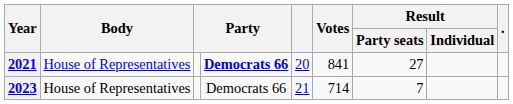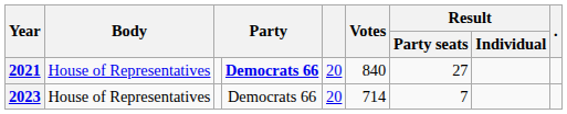 <table class="wikitable plainrowheaders sortable" border=2 cellpadding=4 cellspacing=0 style="border: 1px #aaa solid; font-size: 90%; text-align:center;">
 <tr>
 <th scope="col" rowspan=2>Year</th>
 <th scope="col" rowspan=2>Body</th>
 <th scope="col" colspan=2 rowspan=2>Party</th>
 <th scope="col" rowspan=2></th>
 <th scope="col" rowspan=2>Votes</th>
 <th scope="colgroup" colspan=2>Result</th>
 <th scope="col" rowspan=2 class="unsortable">.</th>
 </tr>
 <tr>
 <th scope="col">Party seats</th>
 <th scope="col">Individual</th>
 </tr>
 <tr>
 <th scope="row"><a href='#'>2021</a></th>
 <td><a href='#'>House of Representatives</a></td>
 <td style="background-color:"></td>
 <td><strong><a href='#'>Democrats 66</a></strong></td>
 <td style=text-align:right><a href='#'>20</a></td>
-<td style=text-align:right>841</td>
+<td style=text-align:right>840</td>
 <td style=text-align:right>27</td>
 <td></td>
 <td></td>
 </tr>
 <tr>
 <th scope="row"><a href='#'>2023</a></th>
 <td>House of Representatives</td>
 <td style="background-color:"></td>
 <td>Democrats 66</td>
-<td style=text-align:right><a href='#'>21</a></td>
+<td style=text-align:right><a href='#'>20</a></td>
 <td style=text-align:right>714</td>
 <td style=text-align:right>7</td>
 <td></td>
 <td></td>
 </tr>
 </table>
